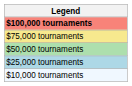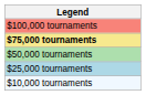 <table class="wikitable" style="font-size:85%; width:13%;">
 <tr>
 <th>Legend</th>
 </tr>
 <tr style="background:#f88379;">
-<td><strong>$100,000 tournaments</strong></td>
+<td>$100,000 tournaments</td>
 </tr>
 <tr style="background:#f7e98e;">
-<td>$75,000 tournaments</td>
+<td><strong>$75,000 tournaments</strong></td>
 </tr>
 <tr style="background:#addfad;">
 <td>$50,000 tournaments</td>
 </tr>
 <tr style="background:lightblue;">
 <td>$25,000 tournaments</td>
 </tr>
 <tr style="background:#f0f8ff;">
 <td>$10,000 tournaments</td>
 </tr>
 </table>
